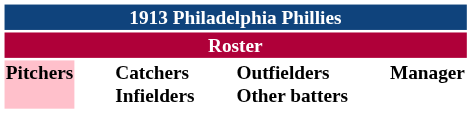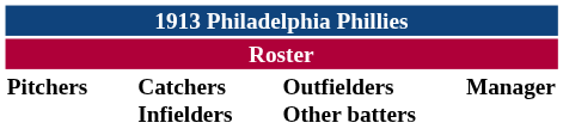 <table class="toccolours" style="font-size: 95%;">
 <tr>
 <th colspan="10" style="background-color: #0f437c; color: white; text-align: center;">1913 Philadelphia Phillies</th>
 </tr>
 <tr>
 <td colspan="10" style="background-color: #af0039; color: white; text-align: center;"><strong>Roster</strong></td>
 </tr>
 <tr>
-<td valign="top" style="background: pink;"><strong>Pitchers</strong><br>             </td>
+<td valign="top"><strong>Pitchers</strong><br>             </td>
 <td width="25px"></td>
 <td valign="top"><strong>Catchers</strong><br>    <strong>Infielders</strong>        </td>
 <td width="25px"></td>
 <td valign="top"><strong>Outfielders</strong><br>         <strong>Other batters</strong> </td>
 <td width="25px"></td>
 <td valign="top"><strong>Manager</strong><br></td>
 </tr>
 </table>
